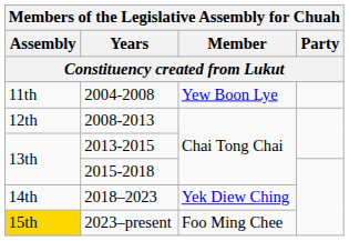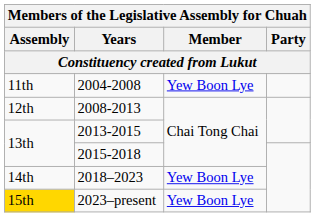 <table class=wikitable>
 <tr>
 <th colspan=4>Members of the Legislative Assembly for Chuah</th>
 </tr>
 <tr>
 <th>Assembly</th>
 <th>Years</th>
 <th>Member</th>
 <th>Party</th>
 </tr>
 <tr>
 <th colspan=4 align=center><em>Constituency created from Lukut</em></th>
 </tr>
 <tr>
 <td>11th</td>
 <td>2004-2008</td>
 <td><a href='#'>Yew Boon Lye</a></td>
 <td></td>
 </tr>
 <tr>
 <td>12th</td>
 <td>2008-2013</td>
 <td rowspan=3>Chai Tong Chai</td>
 <td rowspan="2"></td>
 </tr>
 <tr>
 <td rowspan=2>13th</td>
 <td>2013-2015</td>
 </tr>
 <tr>
 <td>2015-2018</td>
 <td rowspan=3></td>
 </tr>
 <tr>
 <td>14th</td>
 <td>2018–2023</td>
-<td><a href='#'>Yek Diew Ching</a></td>
+<td><a href='#'>Yew Boon Lye</a></td>
 </tr>
 <tr>
 <td style="background: gold;">15th</td>
 <td>2023–present</td>
-<td>Foo Ming Chee</td>
+<td><a href='#'>Yew Boon Lye</a></td>
 </tr>
 </table>
